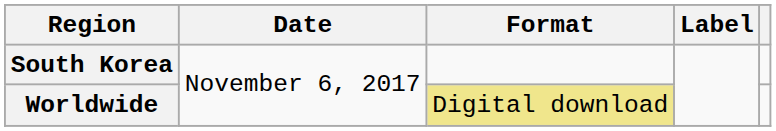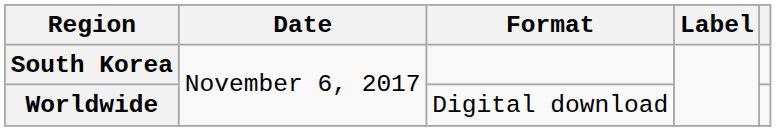 <table class="wikitable plainrowheaders">
 <tr>
 <th>Region</th>
 <th>Date</th>
 <th>Format</th>
 <th>Label</th>
 <th></th>
 </tr>
 <tr>
 <th scope="row">South Korea</th>
 <td rowspan="2">November 6, 2017</td>
 <td></td>
 <td rowspan="2"></td>
 <td align="center"></td>
 </tr>
 <tr>
 <th scope="row">Worldwide</th>
-<td style="background: khaki;">Digital download</td>
+<td>Digital download</td>
 <td align="center"></td>
 </tr>
 </table>
